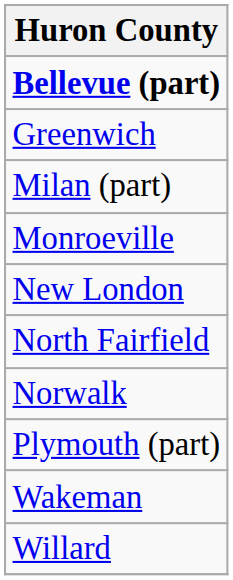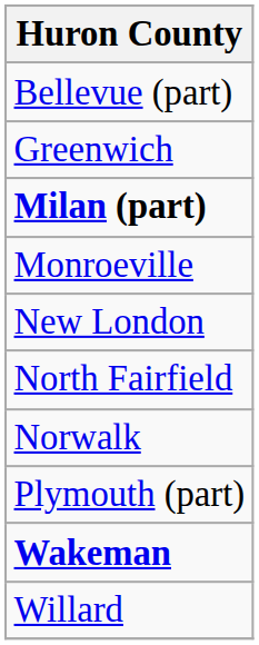 <table class="wikitable">
 <tr>
 <th>Huron County</th>
 </tr>
 <tr>
-<td><strong><a href='#'>Bellevue</a> (part)</strong></td>
+<td><a href='#'>Bellevue</a> (part)</td>
 </tr>
 <tr>
 <td><a href='#'>Greenwich</a></td>
 </tr>
 <tr>
-<td><a href='#'>Milan</a> (part)</td>
+<td><strong><a href='#'>Milan</a> (part)</strong></td>
 </tr>
 <tr>
 <td><a href='#'>Monroeville</a></td>
 </tr>
 <tr>
 <td><a href='#'>New London</a></td>
 </tr>
 <tr>
 <td><a href='#'>North Fairfield</a></td>
 </tr>
 <tr>
 <td><a href='#'>Norwalk</a></td>
 </tr>
 <tr>
 <td><a href='#'>Plymouth</a> (part)</td>
 </tr>
 <tr>
-<td><a href='#'>Wakeman</a></td>
+<td><strong><a href='#'>Wakeman</a></strong></td>
 </tr>
 <tr>
 <td><a href='#'>Willard</a></td>
 </tr>
 <tr>
 </tr>
 </table>
